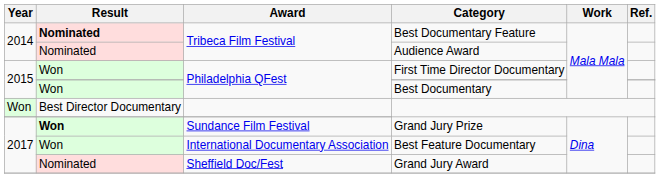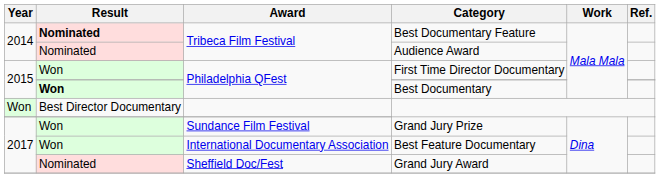 <table class="wikitable">
 <tr>
 <th>Year</th>
 <th>Result</th>
 <th>Award</th>
 <th>Category</th>
 <th>Work</th>
 <th>Ref.</th>
 </tr>
 <tr>
 <td rowspan="2">2014</td>
 <td style="background: #ffdddd"><strong>Nominated</strong></td>
 <td rowspan="2"><a href='#'>Tribeca Film Festival</a></td>
 <td>Best Documentary Feature</td>
 <td rowspan="5"><em><a href='#'>Mala Mala</a></em></td>
 <td></td>
 </tr>
 <tr>
 <td style="background: #ffdddd">Nominated</td>
 <td>Audience Award</td>
 <td></td>
 </tr>
 <tr>
 <td rowspan="3">2015</td>
 <td style="background: #ddffdd">Won</td>
 <td rowspan="3"><a href='#'>Philadelphia QFest</a></td>
 <td>First Time Director Documentary</td>
 <td></td>
 </tr>
 <tr>
 </tr>
 <tr>
-<td style="background: #ddffdd">Won</td>
+<td style="background: #ddffdd"><strong>Won</strong></td>
 <td>Best Documentary</td>
 <td></td>
 </tr>
 <tr>
 <td style="background: #ddffdd">Won</td>
 <td>Best Director Documentary</td>
 <td></td>
 </tr>
 <tr>
 </tr>
 <tr>
 <td rowspan="3">2017</td>
-<td style="background: #ddffdd"><strong>Won</strong></td>
+<td style="background: #ddffdd">Won</td>
 <td><a href='#'>Sundance Film Festival</a></td>
 <td>Grand Jury Prize</td>
 <td rowspan="3"><em><a href='#'>Dina</a></em></td>
 <td></td>
 </tr>
 <tr>
 <td style="background: #ddffdd">Won</td>
 <td><a href='#'>International Documentary Association</a></td>
 <td>Best Feature Documentary</td>
 <td></td>
 </tr>
 <tr>
 <td style="background: #ffdddd">Nominated</td>
 <td><a href='#'>Sheffield Doc/Fest</a></td>
 <td>Grand Jury Award</td>
 <td></td>
 </tr>
 <tr>
 </tr>
 </table>
